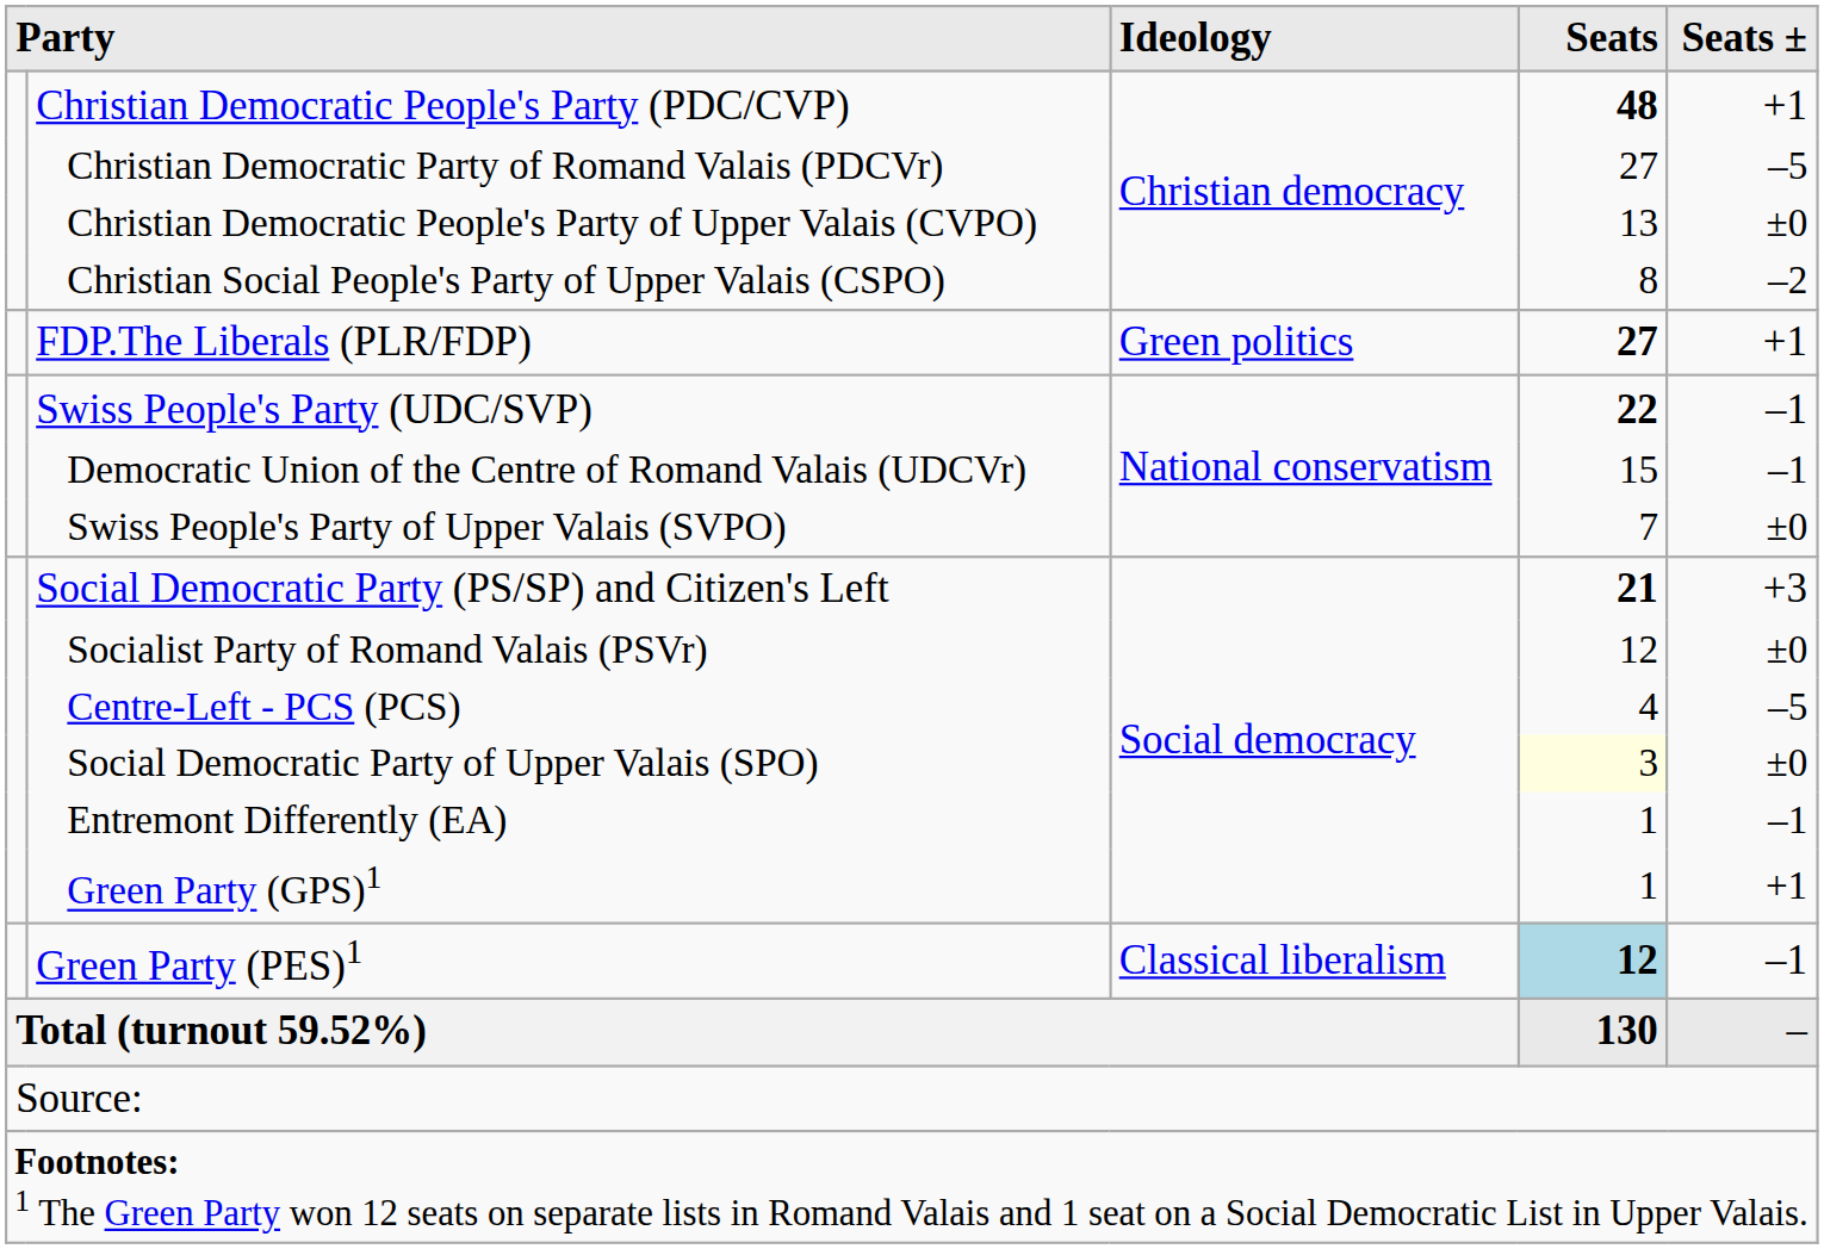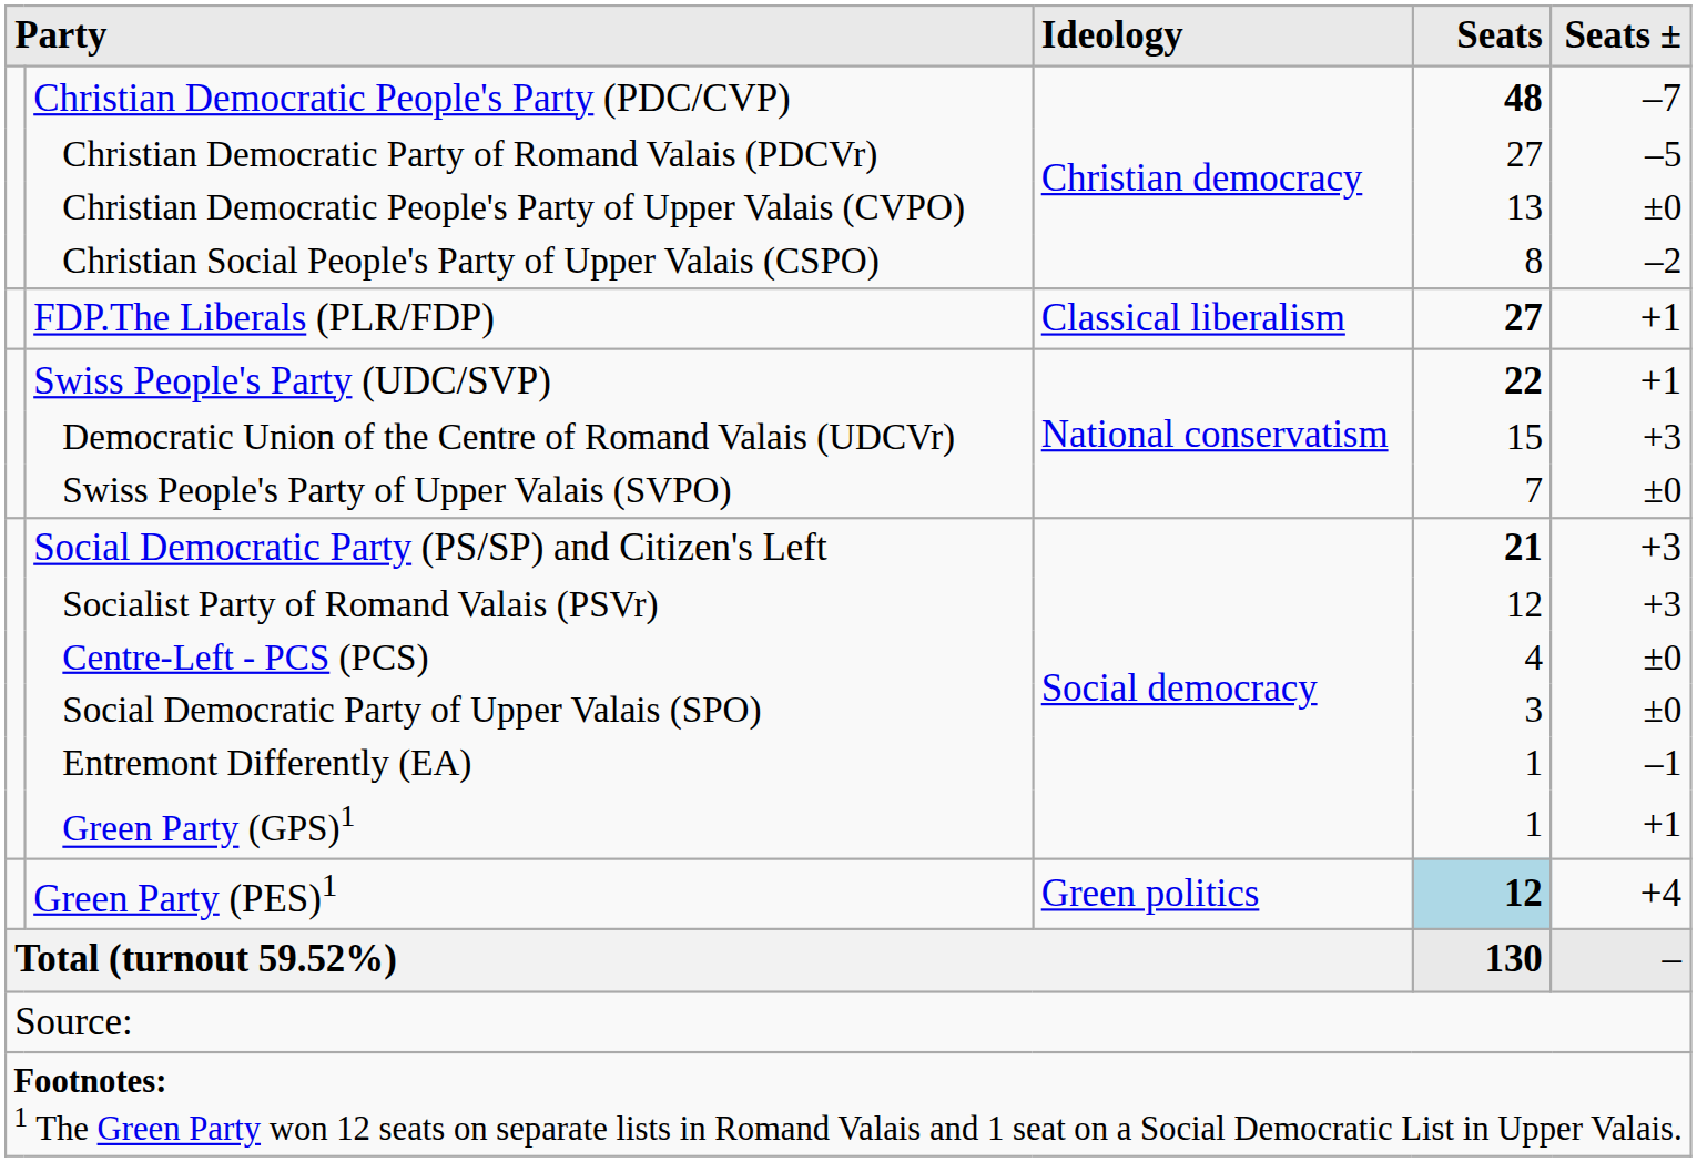 <table class="wikitable">
 <tr>
 <th style="background-color:#E9E9E9;text-align:left;" colspan=2>Party</th>
 <th style="background-color:#E9E9E9;text-align:left;" width=150px>Ideology</th>
 <th style="background-color:#E9E9E9;text-align:right;" width=50px>Seats</th>
 <th style="background-color:#E9E9E9;text-align:right;" width=50px>Seats ±</th>
 </tr>
 <tr>
 <td rowspan="4" style="background-color: "></td>
 <td style="text-align:left;"><a href='#'>Christian Democratic People's Party</a> (PDC/CVP)</td>
 <td rowspan="4" style="text-align:left;"><a href='#'>Christian democracy</a></td>
 <td style="text-align:right;"><strong>48</strong></td>
-<td style="text-align:right;">+1</td>
+<td style="text-align:right;">–7</td>
 </tr>
 <tr style="font-size:95%; border-bottom-style:hidden; border-top-style:hidden; line-height:16px;">
 <td style="text-align:left;padding-left:1em;">Christian Democratic Party of Romand Valais (PDCVr)</td>
 <td style="text-align:right;">27</td>
 <td style="text-align:right;">–5</td>
 </tr>
 <tr style="font-size:95%; border-bottom-style:hidden; border-top-style:hidden; line-height:16px;">
 <td style="text-align:left;padding-left:1em;">Christian Democratic People's Party of Upper Valais (CVPO)</td>
 <td style="text-align:right;">13</td>
 <td style="text-align:right;">±0</td>
 </tr>
 <tr style="font-size:95%; border-top-style:hidden; line-height:16px;">
 <td style="text-align:left;padding-left:1em;">Christian Social People's Party of Upper Valais (CSPO)</td>
 <td style="text-align:right;">8</td>
 <td style="text-align:right;">–2</td>
 </tr>
 <tr>
 <td style="background-color: "></td>
 <td style="text-align:left;"><a href='#'>FDP.The Liberals</a> (PLR/FDP)</td>
-<td style="text-align:left;"><a href='#'>Green politics</a></td>
+<td style="text-align:left;"><a href='#'>Classical liberalism</a></td>
 <td style="text-align:right;"><strong>27</strong></td>
 <td style="text-align:right;">+1</td>
 </tr>
 <tr>
 <td rowspan="3" style="background-color: "></td>
 <td style="text-align:left;"><a href='#'>Swiss People's Party</a> (UDC/SVP)</td>
 <td rowspan="3" style="text-align:left;"><a href='#'>National conservatism</a></td>
 <td style="text-align:right;"><strong>22</strong></td>
-<td style="text-align:right;">–1</td>
+<td style="text-align:right;">+1</td>
 </tr>
 <tr style="font-size:95%; border-bottom-style:hidden; border-top-style:hidden; line-height:16px;">
 <td style="text-align:left;padding-left:1em;">Democratic Union of the Centre of Romand Valais (UDCVr)</td>
 <td style="text-align:right;">15</td>
-<td style="text-align:right;">–1</td>
+<td style="text-align:right;">+3</td>
 </tr>
 <tr style="font-size:95%; border-top-style:hidden; line-height:16px;">
 <td style="text-align:left;padding-left:1em;">Swiss People's Party of Upper Valais (SVPO)</td>
 <td style="text-align:right;">7</td>
 <td style="text-align:right;">±0</td>
 </tr>
 <tr>
 <td rowspan="6" style="background-color: "></td>
 <td style="text-align:left;"><a href='#'>Social Democratic Party</a> (PS/SP) and Citizen's Left</td>
 <td rowspan="6" style="text-align:left;"><a href='#'>Social democracy</a></td>
 <td style="text-align:right;"><strong>21</strong></td>
 <td style="text-align:right;">+3</td>
 </tr>
 <tr style="font-size:95%; border-bottom-style:hidden; border-top-style:hidden; line-height:16px;">
 <td style="text-align:left;padding-left:1em;">Socialist Party of Romand Valais (PSVr)</td>
 <td style="text-align:right;">12</td>
-<td style="text-align:right;">±0</td>
+<td style="text-align:right;">+3</td>
 </tr>
 <tr style="font-size:95%; border-bottom-style:hidden; border-top-style:hidden; line-height:16px;">
 <td style="text-align:left;padding-left:1em;"><a href='#'>Centre-Left - PCS</a> (PCS)</td>
 <td style="text-align:right;">4</td>
-<td style="text-align:right;">–5</td>
+<td style="text-align:right;">±0</td>
 </tr>
 <tr style="font-size:95%; border-bottom-style:hidden; border-top-style:hidden; line-height:16px;">
 <td style="text-align:left;padding-left:1em;">Social Democratic Party of Upper Valais (SPO)</td>
-<td style="background: lightyellow; text-align:right;">3</td>
+<td style="text-align:right;">3</td>
 <td style="text-align:right;">±0</td>
 </tr>
 <tr style="font-size:95%; border-bottom-style:hidden; border-top-style:hidden; line-height:16px;">
 <td style="text-align:left;padding-left:1em;">Entremont Differently (EA)</td>
 <td style="text-align:right;">1</td>
 <td style="text-align:right;">–1</td>
 </tr>
 <tr style="font-size:95%; border-top-style:hidden; line-height:16px;">
 <td style="text-align:left;padding-left:1em;"><a href='#'>Green Party</a> (GPS)<sup>1</sup></td>
 <td style="text-align:right;">1</td>
 <td style="text-align:right;">+1</td>
 </tr>
 <tr>
 <td style="background-color: "></td>
 <td style="text-align:left;"><a href='#'>Green Party</a> (PES)<sup>1</sup></td>
-<td style="text-align:left;"><a href='#'>Classical liberalism</a></td>
+<td style="text-align:left;"><a href='#'>Green politics</a></td>
 <td style="background: lightblue; text-align:right;"><strong>12</strong></td>
-<td style="text-align:right;">–1</td>
+<td style="text-align:right;">+4</td>
 </tr>
 <tr style="background: #E9E9E9">
 <th style="text-align:left;" colspan=3>Total (turnout 59.52%)</th>
 <td style="text-align:right;"><strong>130</strong></td>
 <td style="text-align:right;">–</td>
 </tr>
 <tr>
 <td colspan=7 style="text-align:left;">Source: </td>
 </tr>
 <tr>
 <td align="left" colspan="7" style="max-width:790px; font-size:88%;"><strong>Footnotes:</strong><br><sup>1</sup> The <a href='#'>Green Party</a> won 12 seats on separate lists in Romand Valais and 1 seat on a Social Democratic List in Upper Valais.</td>
 </tr>
 </table>
